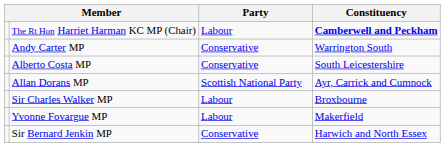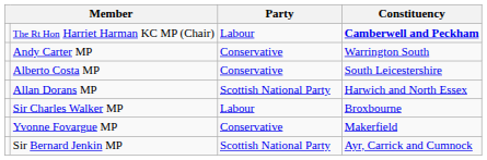 <table class="wikitable">
 <tr>
 <th colspan="2" valign="top" width="160px">Member</th>
 <th valign="top" width="160px">Party</th>
 <th valign="top">Constituency</th>
 </tr>
 <tr>
 <td></td>
 <td><small><a href='#'>The Rt Hon</a></small> <a href='#'>Harriet Harman</a> KC MP (Chair)</td>
 <td><a href='#'>Labour</a></td>
 <td><strong><a href='#'>Camberwell and Peckham</a></strong></td>
 </tr>
 <tr>
 <td></td>
 <td><a href='#'>Andy Carter</a> MP</td>
 <td><a href='#'>Conservative</a></td>
 <td><a href='#'>Warrington South</a></td>
 </tr>
 <tr>
 <td></td>
 <td><a href='#'>Alberto Costa</a> MP</td>
 <td><a href='#'>Conservative</a></td>
 <td><a href='#'>South Leicestershire</a></td>
 </tr>
 <tr>
 <td></td>
 <td><a href='#'>Allan Dorans</a> MP</td>
 <td><a href='#'>Scottish National Party</a></td>
-<td><a href='#'>Ayr, Carrick and Cumnock</a></td>
+<td><a href='#'>Harwich and North Essex</a></td>
 </tr>
 <tr>
 <td></td>
 <td><a href='#'>Sir Charles Walker</a> MP</td>
 <td><a href='#'>Labour</a></td>
 <td><a href='#'>Broxbourne</a></td>
 </tr>
 <tr>
 <td></td>
 <td><a href='#'>Yvonne Fovargue</a> MP</td>
-<td><a href='#'>Labour</a></td>
+<td><a href='#'>Conservative</a></td>
 <td><a href='#'>Makerfield</a></td>
 </tr>
 <tr>
 <td></td>
 <td>Sir <a href='#'>Bernard Jenkin</a> MP</td>
-<td><a href='#'>Conservative</a></td>
-<td><a href='#'>Harwich and North Essex</a></td>
+<td><a href='#'>Scottish National Party</a></td>
+<td><a href='#'>Ayr, Carrick and Cumnock</a></td>
 </tr>
 </table>
